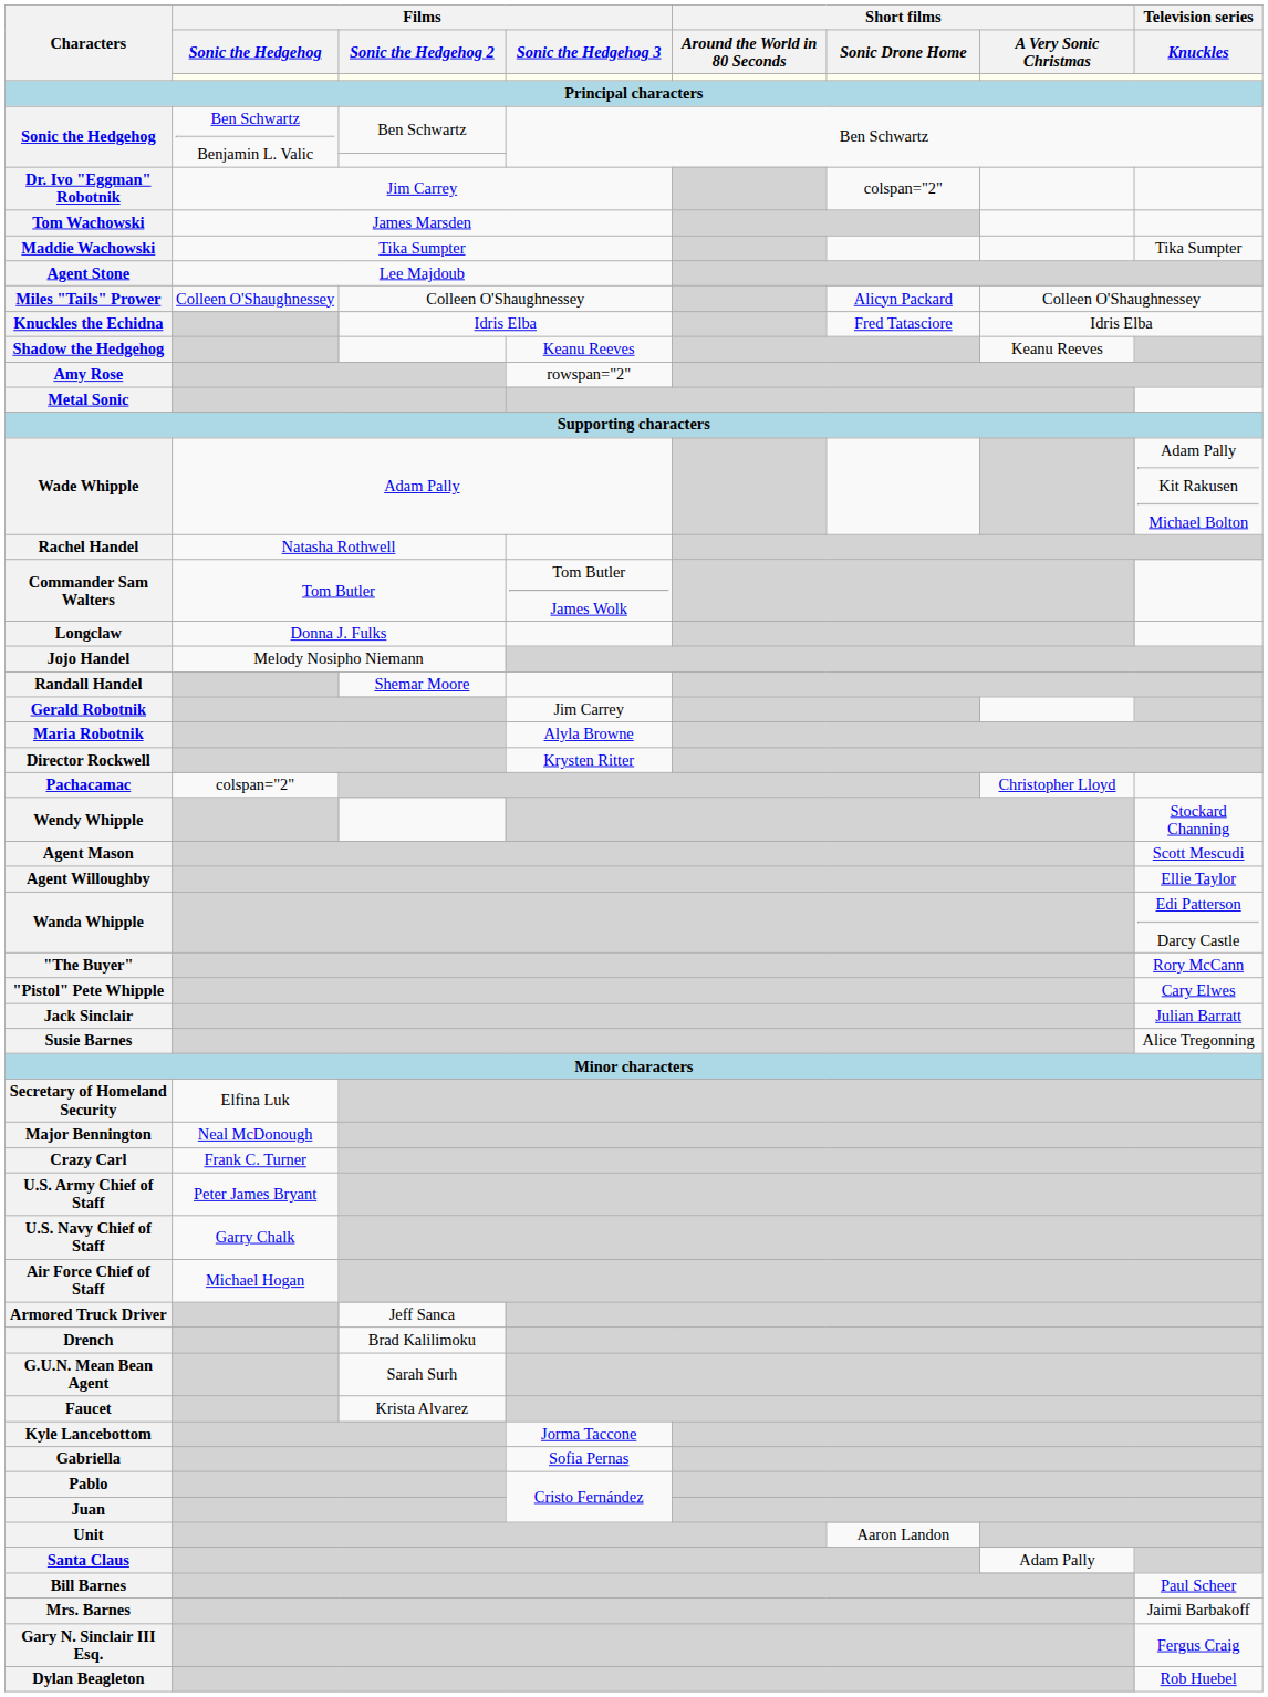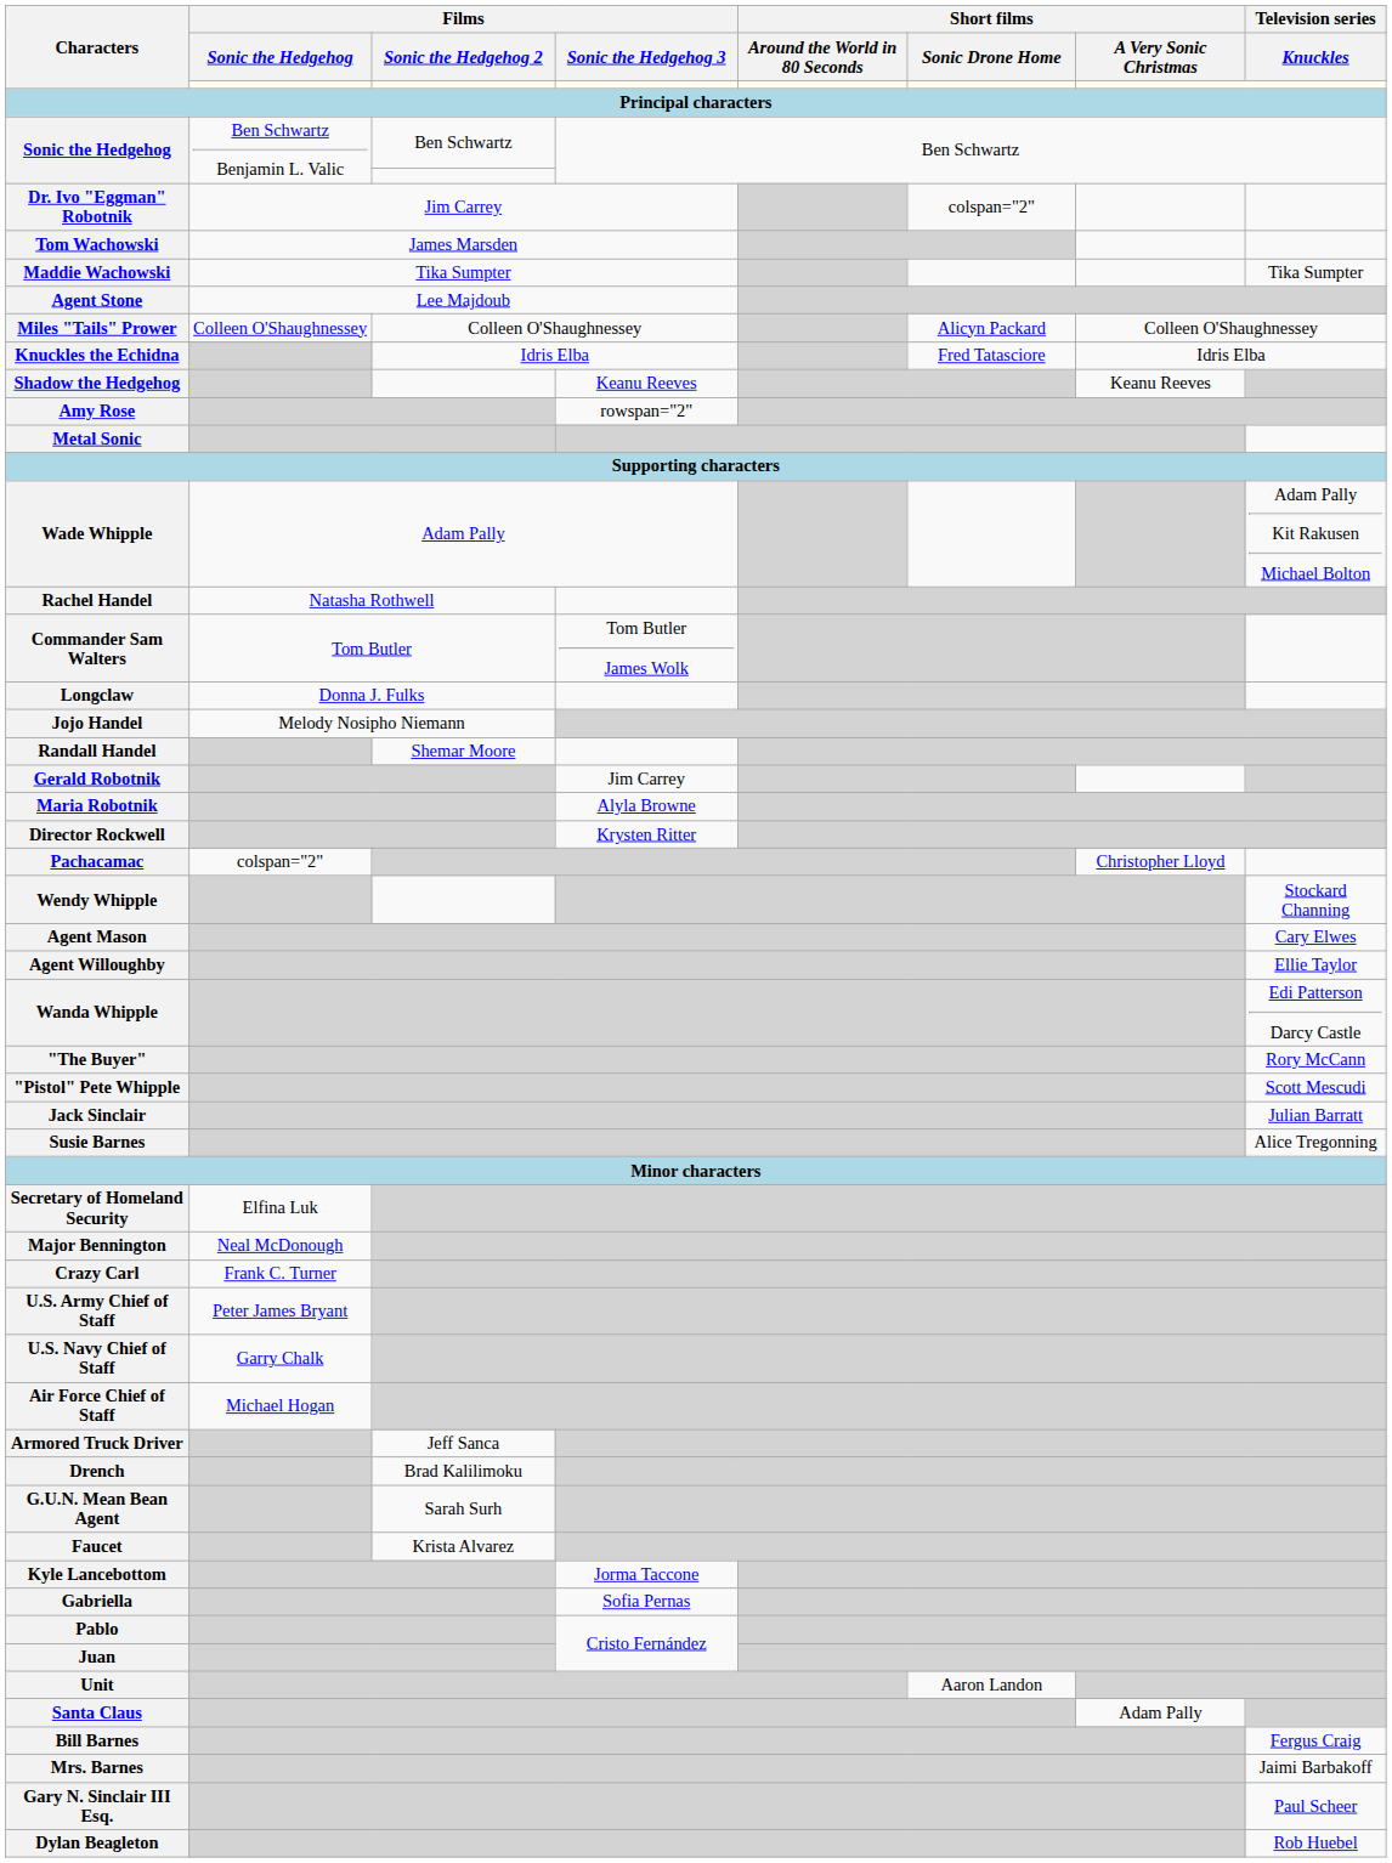 <table class="wikitable" style="text-align:center" width=100%>
 <tr>
 <th rowspan="3" width="13%">Characters</th>
 <th colspan="3">Films</th>
 <th Colspan="3">Short films</th>
 <th>Television series</th>
 </tr>
 <tr>
 <th align="center" width="13%"><em><a href='#'>Sonic the Hedgehog</a></em></th>
 <th align="center" width="13%"><em><a href='#'>Sonic the Hedgehog 2</a></em></th>
 <th align="center" width="13%"><em><a href='#'>Sonic the Hedgehog 3</a></em></th>
 <th align="center" width="12%"><em>Around the World in 80 Seconds</em></th>
 <th align="center" width="12%"><em>Sonic Drone Home</em></th>
 <th align="center" width="12%"><em>A Very Sonic Christmas</em></th>
 <th align="center" width="10%"><em><a href='#'>Knuckles</a></em></th>
 </tr>
 <tr>
 <th style="background:ivory;"></th>
 <th style="background:ivory;"></th>
 <th style="background:ivory;"></th>
 <th style="background:ivory;"></th>
 <th style="background:ivory;"></th>
 <th colspan="2" style="background:ivory;"></th>
 </tr>
 <tr>
 <th colspan="8" style="background-color:lightblue;">Principal characters</th>
 </tr>
 <tr>
 <th rowspan="2"><a href='#'>Sonic the Hedgehog</a></th>
 <td rowspan="2"><a href='#'>Ben Schwartz</a><hr>Benjamin L. Valic</td>
 <td>Ben Schwartz</td>
 <td colspan="5" rowspan="2">Ben Schwartz</td>
 </tr>
 <tr>
 <td></td>
 </tr>
 <tr>
 <th><a href='#'>Dr. Ivo "Eggman" Robotnik</a></th>
 <td colspan="3"><a href='#'>Jim Carrey</a></td>
 <td style="background-color:lightgrey;"></td>
 <td>colspan="2" </td>
 <td></td>
 </tr>
 <tr>
 <th><a href='#'>Tom Wachowski</a></th>
 <td colspan="3"><a href='#'>James Marsden</a></td>
 <td colspan="2" style="background-color:lightgrey;"></td>
 <td></td>
 <td></td>
 </tr>
 <tr>
 <th><a href='#'>Maddie Wachowski</a></th>
 <td colspan="3"><a href='#'>Tika Sumpter</a></td>
 <td style="background-color:lightgrey;"></td>
 <td></td>
 <td></td>
 <td>Tika Sumpter</td>
 </tr>
 <tr>
 <th><a href='#'>Agent Stone</a></th>
 <td colspan="3"><a href='#'>Lee Majdoub</a></td>
 <td colspan="4" style="background-color:lightgrey;"></td>
 </tr>
 <tr>
 <th><a href='#'>Miles "Tails" Prower</a></th>
 <td><a href='#'>Colleen O'Shaughnessey</a></td>
 <td colspan="2">Colleen O'Shaughnessey</td>
 <td style="background-color:lightgrey;"></td>
 <td><a href='#'>Alicyn Packard</a></td>
 <td colspan="2">Colleen O'Shaughnessey</td>
 </tr>
 <tr>
 <th><a href='#'>Knuckles the Echidna</a></th>
 <td style="background-color:lightgrey;"></td>
 <td colspan="2"><a href='#'>Idris Elba</a></td>
 <td style="background-color:lightgrey;"></td>
 <td><a href='#'>Fred Tatasciore</a></td>
 <td colspan="2">Idris Elba</td>
 </tr>
 <tr>
 <th><a href='#'>Shadow the Hedgehog</a></th>
 <td style="background-color:lightgrey;"></td>
 <td></td>
 <td><a href='#'>Keanu Reeves</a></td>
 <td colspan="2" style="background-color:lightgrey;"></td>
 <td>Keanu Reeves</td>
 <td style="background-color:lightgrey;"></td>
 </tr>
 <tr>
 <th><a href='#'>Amy Rose</a></th>
 <td colspan="2" style="background-color:lightgrey;"></td>
 <td>rowspan="2" </td>
 <td colspan="4" style="background-color:lightgrey;"></td>
 </tr>
 <tr>
 <th><a href='#'>Metal Sonic</a></th>
 <td colspan="2" style="background-color:lightgrey;"></td>
 <td colspan="4" style="background-color:lightgrey;"></td>
 </tr>
 <tr>
 <th colspan="8" style="background-color:lightblue;">Supporting characters</th>
 </tr>
 <tr>
 <th>Wade Whipple</th>
 <td colspan="3"><a href='#'>Adam Pally</a></td>
 <td style="background-color:lightgrey;"></td>
 <td></td>
 <td style="background-color:lightgrey;"></td>
 <td>Adam Pally<hr>Kit Rakusen<hr><a href='#'>Michael Bolton</a></td>
 </tr>
 <tr>
 <th>Rachel Handel</th>
 <td colspan="2"><a href='#'>Natasha Rothwell</a></td>
 <td></td>
 <td colspan="4" style="background-color:lightgrey;"></td>
 </tr>
 <tr>
 <th>Commander Sam Walters</th>
 <td colspan="2"><a href='#'>Tom Butler</a></td>
 <td>Tom Butler<hr><a href='#'>James Wolk</a></td>
 <td colspan="3" style="background-color:lightgrey;"></td>
 <td></td>
 </tr>
 <tr>
 <th>Longclaw</th>
 <td colspan="2"><a href='#'>Donna J. Fulks</a></td>
 <td></td>
 <td colspan="3" style="background-color:lightgrey;"></td>
 <td></td>
 </tr>
 <tr>
 <th>Jojo Handel</th>
 <td colspan="2">Melody Nosipho Niemann</td>
 <td colspan="5" style="background-color:lightgrey;"></td>
 </tr>
 <tr>
 <th>Randall Handel</th>
 <td style="background-color:lightgrey;"></td>
 <td><a href='#'>Shemar Moore</a></td>
 <td></td>
 <td colspan="4" style="background-color:lightgrey;"></td>
 </tr>
 <tr>
 <th><a href='#'>Gerald Robotnik</a></th>
 <td colspan="2" style="background-color:lightgrey;"></td>
 <td>Jim Carrey</td>
 <td colspan="2" style="background-color:lightgrey;"></td>
 <td></td>
 <td style="background-color:lightgrey;"></td>
 </tr>
 <tr>
 <th><a href='#'>Maria Robotnik</a></th>
 <td colspan="2" style="background-color:lightgrey;"></td>
 <td><a href='#'>Alyla Browne</a></td>
 <td colspan="4" style="background-color:lightgrey;"></td>
 </tr>
 <tr>
 <th>Director Rockwell</th>
 <td colspan="2" style="background-color:lightgrey;"></td>
 <td><a href='#'>Krysten Ritter</a></td>
 <td colspan="4" style="background-color:lightgrey;"></td>
 </tr>
 <tr>
 <th><a href='#'>Pachacamac</a></th>
 <td>colspan="2" </td>
 <td colspan="4" style="background-color:lightgrey;"></td>
 <td><a href='#'>Christopher Lloyd</a></td>
 </tr>
 <tr>
 <th>Wendy Whipple</th>
 <td style="background-color:lightgrey;"></td>
 <td></td>
 <td colspan="4" style="background-color:lightgrey;"></td>
 <td><a href='#'>Stockard Channing</a></td>
 </tr>
 <tr>
 <th>Agent Mason</th>
 <td colspan="6" style="background-color:lightgrey;"></td>
-<td><a href='#'>Scott Mescudi</a></td>
+<td><a href='#'>Cary Elwes</a></td>
 </tr>
 <tr>
 <th>Agent Willoughby</th>
 <td colspan="6" style="background-color:lightgrey;"></td>
 <td><a href='#'>Ellie Taylor</a></td>
 </tr>
 <tr>
 <th>Wanda Whipple</th>
 <td colspan="6" style="background-color:lightgrey;"></td>
 <td><a href='#'>Edi Patterson</a><hr>Darcy Castle</td>
 </tr>
 <tr>
 <th>"The Buyer"</th>
 <td colspan="6" style="background-color:lightgrey;"></td>
 <td><a href='#'>Rory McCann</a></td>
 </tr>
 <tr>
 <th>"Pistol" Pete Whipple</th>
 <td colspan="6" style="background-color:lightgrey;"></td>
-<td><a href='#'>Cary Elwes</a></td>
+<td><a href='#'>Scott Mescudi</a></td>
 </tr>
 <tr>
 <th>Jack Sinclair</th>
 <td colspan="6" style="background-color:lightgrey;"></td>
 <td><a href='#'>Julian Barratt</a></td>
 </tr>
 <tr>
 <th>Susie Barnes</th>
 <td colspan="6" style="background-color:lightgrey;"></td>
 <td>Alice Tregonning</td>
 </tr>
 <tr>
 <th colspan="8" style="background-color:lightblue;">Minor characters</th>
 </tr>
 <tr>
 <th>Secretary of Homeland Security</th>
 <td>Elfina Luk</td>
 <td colspan="6" style="background-color:lightgrey;"></td>
 </tr>
 <tr>
 <th>Major Bennington</th>
 <td><a href='#'>Neal McDonough</a></td>
 <td colspan="6" style="background-color:lightgrey;"></td>
 </tr>
 <tr>
 <th>Crazy Carl</th>
 <td><a href='#'>Frank C. Turner</a></td>
 <td colspan="6" style="background-color:lightgrey;"></td>
 </tr>
 <tr>
 <th>U.S. Army Chief of Staff</th>
 <td><a href='#'>Peter James Bryant</a></td>
 <td colspan="6" style="background-color:lightgrey;"></td>
 </tr>
 <tr>
 <th>U.S. Navy Chief of Staff</th>
 <td><a href='#'>Garry Chalk</a></td>
 <td colspan="6" style="background-color:lightgrey;"></td>
 </tr>
 <tr>
 <th>Air Force Chief of Staff</th>
 <td><a href='#'>Michael Hogan</a></td>
 <td colspan="6" style="background-color:lightgrey;"></td>
 </tr>
 <tr>
 <th>Armored Truck Driver</th>
 <td style="background-color:lightgrey;"></td>
 <td>Jeff Sanca</td>
 <td colspan="5" style="background-color:lightgrey;"></td>
 </tr>
 <tr>
 <th>Drench</th>
 <td style="background-color:lightgrey;"></td>
 <td>Brad Kalilimoku</td>
 <td colspan="5" style="background-color:lightgrey;"></td>
 </tr>
 <tr>
 <th>G.U.N. Mean Bean Agent</th>
 <td style="background-color:lightgrey;"></td>
 <td>Sarah Surh</td>
 <td colspan="5" style="background-color:lightgrey;"></td>
 </tr>
 <tr>
 <th>Faucet</th>
 <td style="background-color:lightgrey;"></td>
 <td>Krista Alvarez</td>
 <td colspan="5" style="background-color:lightgrey;"></td>
 </tr>
 <tr>
 <th>Kyle Lancebottom</th>
 <td colspan="2" style="background-color:lightgrey;"></td>
 <td><a href='#'>Jorma Taccone</a></td>
 <td colspan="6" style="background-color:lightgrey;"></td>
 </tr>
 <tr>
 <th>Gabriella</th>
 <td colspan="2" style="background-color:lightgrey;"></td>
 <td><a href='#'>Sofia Pernas</a></td>
 <td colspan="4" style="background-color:lightgrey;"></td>
 </tr>
 <tr>
 <th>Pablo</th>
 <td colspan="2" style="background-color:lightgrey;"></td>
 <td rowspan="2"><a href='#'>Cristo Fernández</a></td>
 <td colspan="4" style="background-color:lightgrey;"></td>
 </tr>
 <tr>
 <th>Juan</th>
 <td colspan="2" style="background-color:lightgrey;"></td>
 <td colspan="4" style="background-color:lightgrey;"></td>
 </tr>
 <tr>
 <th>Unit</th>
 <td colspan="4" style="background-color:lightgrey;"></td>
 <td>Aaron Landon</td>
 <td colspan="2" style="background-color:lightgrey;"></td>
 </tr>
 <tr>
 <th><a href='#'>Santa Claus</a></th>
 <td colspan="5" style="background-color:lightgrey;"></td>
 <td>Adam Pally</td>
 <td style="background-color:lightgrey;"></td>
 </tr>
 <tr>
 <th>Bill Barnes</th>
 <td colspan="6" style="background-color:lightgrey;"></td>
-<td><a href='#'>Paul Scheer</a></td>
+<td><a href='#'>Fergus Craig</a></td>
 </tr>
 <tr>
 <th>Mrs. Barnes</th>
 <td colspan="6" style="background-color:lightgrey;"></td>
 <td>Jaimi Barbakoff</td>
 </tr>
 <tr>
 <th>Gary N. Sinclair III Esq.</th>
 <td colspan="6" style="background-color:lightgrey;"></td>
-<td><a href='#'>Fergus Craig</a></td>
+<td><a href='#'>Paul Scheer</a></td>
 </tr>
 <tr>
 <th>Dylan Beagleton</th>
 <td colspan="6" style="background-color:lightgrey;"></td>
 <td><a href='#'>Rob Huebel</a></td>
 </tr>
 </table>
